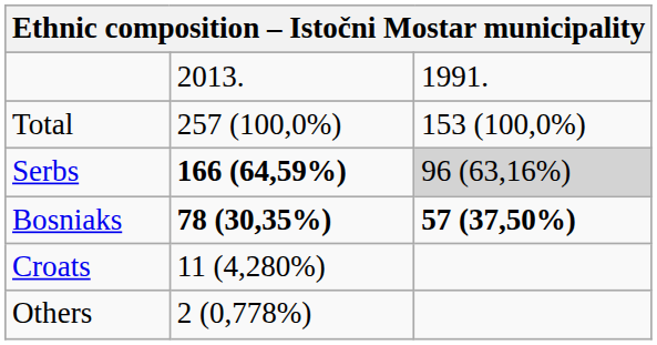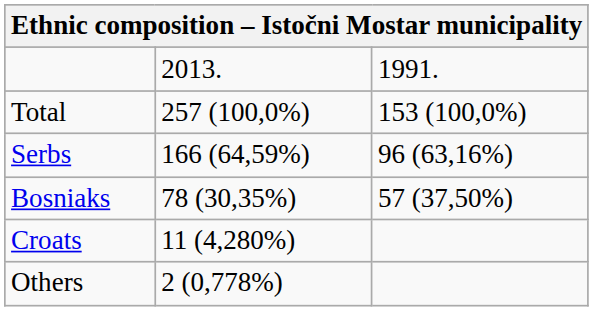 <table class="wikitable">
 <tr>
 <th colspan="9">Ethnic composition – Istočni Mostar municipality</th>
 </tr>
 <tr>
 <td></td>
 <td>2013.</td>
 <td>1991.</td>
 </tr>
 <tr>
 <td>Total</td>
 <td>257 (100,0%)</td>
 <td>153 (100,0%)</td>
 </tr>
 <tr>
 <td><a href='#'>Serbs</a></td>
-<td><strong>166 (64,59%)</strong></td>
-<td style="background: lightgrey;">96 (63,16%)</td>
+<td>166 (64,59%)</td>
+<td>96 (63,16%)</td>
 </tr>
 <tr>
 <td><a href='#'>Bosniaks</a></td>
-<td><strong>78 (30,35%)</strong></td>
-<td><strong>57 (37,50%)</strong></td>
+<td>78 (30,35%)</td>
+<td>57 (37,50%)</td>
 </tr>
 <tr>
 <td><a href='#'>Croats</a></td>
 <td>11 (4,280%)</td>
 <td></td>
 </tr>
 <tr>
 <td>Others</td>
 <td>2 (0,778%)</td>
 <td></td>
 </tr>
 </table>
